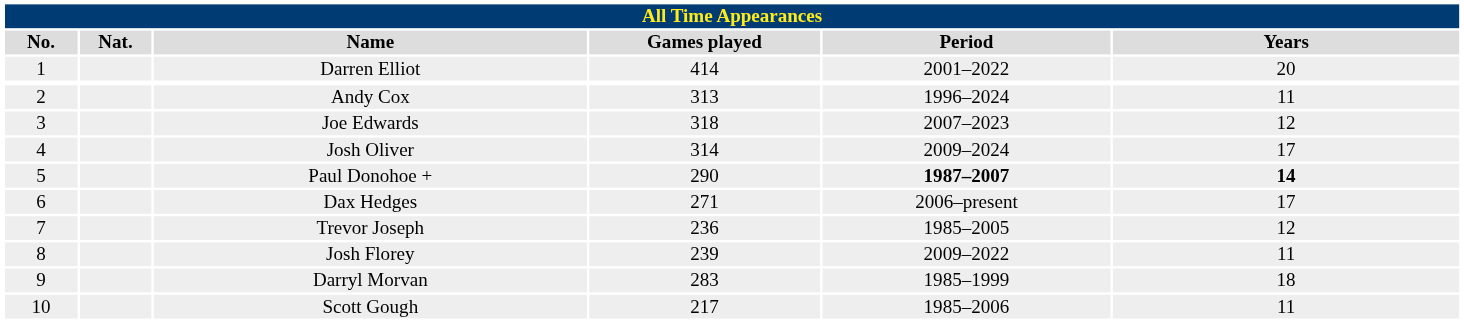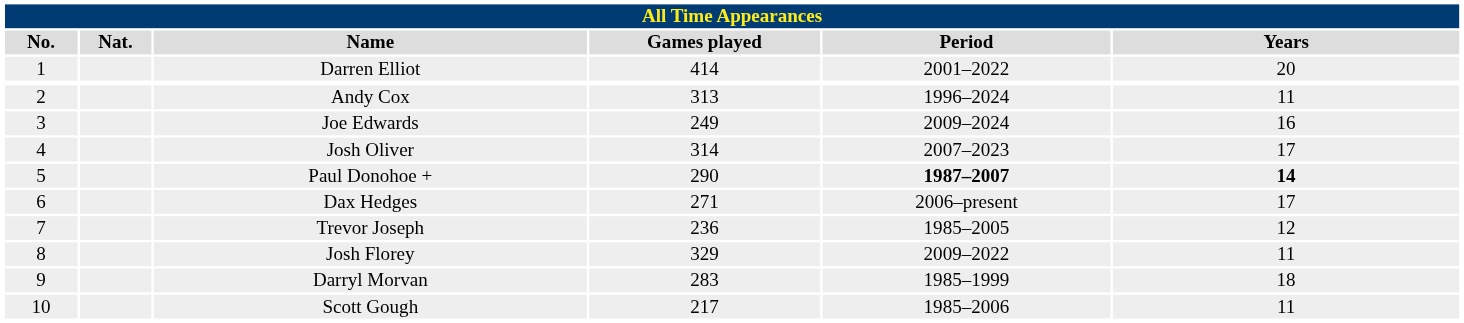 <table class="toccolours"  style="width:97%; clear:both; margin:1.5em auto; text-align:center;">
 <tr>
 <th colspan="11" style="background:#003b73; color:#fdeb1b;”">All Time Appearances</th>
 </tr>
 <tr style="background:#ddd;">
 <th width=5%>No.</th>
 <th width=5%>Nat.</th>
 <th !width=22%>Name</th>
 <th width=16%>Games played</th>
 <th width=20%>Period</th>
 <th width=24%>Years</th>
 </tr>
 <tr style="background:#eee;">
 <td>1</td>
 <td></td>
 <td>Darren Elliot</td>
 <td>414</td>
 <td>2001–2022</td>
 <td>20</td>
 </tr>
 <tr style="background:#eee;">
 </tr>
 <tr style="background:#eee;">
 <td>2</td>
 <td></td>
 <td>Andy Cox</td>
 <td>313</td>
 <td>1996–2024</td>
 <td>11</td>
 </tr>
 <tr style="background:#eee;">
 <td>3</td>
 <td></td>
 <td>Joe Edwards</td>
-<td>318</td>
-<td>2007–2023</td>
-<td>12</td>
+<td>249</td>
+<td>2009–2024</td>
+<td>16</td>
 </tr>
 <tr style="background:#eee;">
 <td>4</td>
 <td></td>
 <td>Josh Oliver</td>
 <td>314</td>
-<td>2009–2024</td>
+<td>2007–2023</td>
 <td>17</td>
 </tr>
 <tr style="background:#eee;">
 <td>5</td>
 <td></td>
 <td>Paul Donohoe +</td>
 <td>290</td>
 <td><strong>1987–2007</strong></td>
 <td><strong>14</strong></td>
 </tr>
 <tr style="background:#eee;">
 <td>6</td>
 <td></td>
 <td>Dax Hedges</td>
 <td>271</td>
 <td>2006–present</td>
 <td>17</td>
 </tr>
 <tr style="background:#eee;">
 <td>7</td>
 <td></td>
 <td>Trevor Joseph</td>
 <td>236</td>
 <td>1985–2005</td>
 <td>12</td>
 </tr>
 <tr style="background:#eee;">
 <td>8</td>
 <td></td>
 <td>Josh Florey</td>
-<td>239</td>
+<td>329</td>
 <td>2009–2022</td>
 <td>11</td>
 </tr>
 <tr style="background:#eee;">
 <td>9</td>
 <td></td>
 <td>Darryl Morvan</td>
 <td>283</td>
 <td>1985–1999</td>
 <td>18</td>
 </tr>
 <tr style="background:#eee;">
 <td>10</td>
 <td></td>
 <td>Scott Gough</td>
 <td>217</td>
 <td>1985–2006</td>
 <td>11</td>
 </tr>
 </table>
